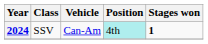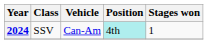 <table class="wikitable">
 <tr>
 <th>Year</th>
 <th>Class</th>
 <th>Vehicle</th>
 <th>Position</th>
 <th>Stages won</th>
 </tr>
 <tr>
 <th><a href='#'>2024</a></th>
 <td>SSV</td>
 <td> <a href='#'>Can-Am</a></td>
 <td style="background: paleturquoise;">4th</td>
-<td><strong>1</strong></td>
+<td>1</td>
 </tr>
 <tr>
 </tr>
 </table>
